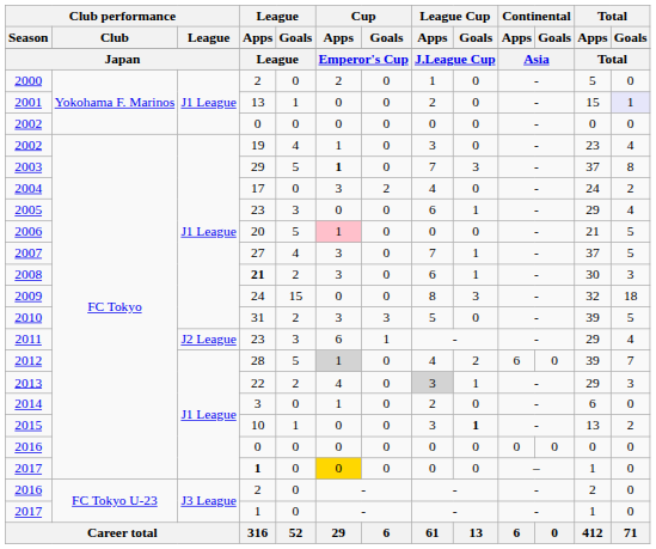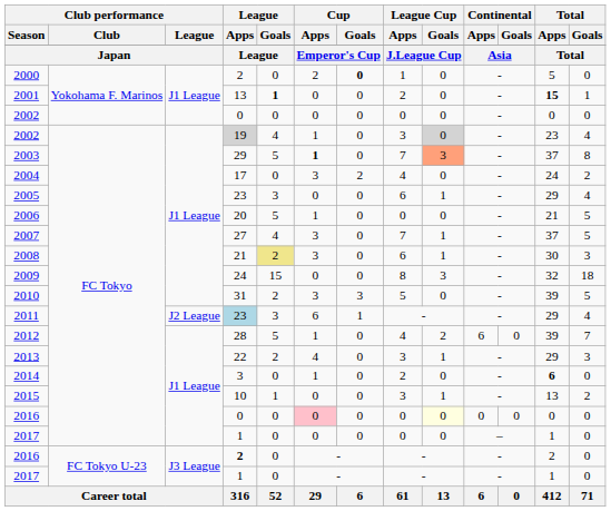 <table class="wikitable" style="text-align:center">
 <tr>
 <th colspan=3>Club performance</th>
 <th colspan=2>League</th>
 <th colspan=2>Cup</th>
 <th colspan=2>League Cup</th>
 <th colspan=2>Continental</th>
 <th colspan=2>Total</th>
 </tr>
 <tr>
 <th>Season</th>
 <th>Club</th>
 <th>League</th>
 <th>Apps</th>
 <th>Goals</th>
 <th>Apps</th>
 <th>Goals</th>
 <th>Apps</th>
 <th>Goals</th>
 <th>Apps</th>
 <th>Goals</th>
 <th>Apps</th>
 <th>Goals</th>
 </tr>
 <tr>
 </tr>
 <tr>
 <th colspan=3>Japan</th>
 <th colspan=2>League</th>
 <th colspan=2><a href='#'>Emperor's Cup</a></th>
 <th colspan=2><a href='#'>J.League Cup</a></th>
 <th colspan=2><a href='#'>Asia</a></th>
 <th colspan=2>Total</th>
 </tr>
 <tr>
 <td><a href='#'>2000</a></td>
 <td rowspan="3"><a href='#'>Yokohama F. Marinos</a></td>
 <td rowspan="3"><a href='#'>J1 League</a></td>
 <td>2</td>
 <td>0</td>
 <td>2</td>
-<td>0</td>
+<td><strong>0</strong></td>
 <td>1</td>
 <td>0</td>
 <td colspan="2">-</td>
 <td>5</td>
 <td>0</td>
 </tr>
 <tr>
 <td><a href='#'>2001</a></td>
 <td>13</td>
-<td>1</td>
+<td><strong>1</strong></td>
 <td>0</td>
 <td>0</td>
 <td>2</td>
 <td>0</td>
 <td colspan="2">-</td>
-<td>15</td>
-<td style="background: lavender;">1</td>
+<td><strong>15</strong></td>
+<td>1</td>
 </tr>
 <tr>
 <td><a href='#'>2002</a></td>
 <td>0</td>
 <td>0</td>
 <td>0</td>
 <td>0</td>
 <td>0</td>
 <td>0</td>
 <td colspan="2">-</td>
 <td>0</td>
 <td>0</td>
 </tr>
 <tr>
 <td><a href='#'>2002</a></td>
 <td rowspan="16"><a href='#'>FC Tokyo</a></td>
 <td rowspan="9"><a href='#'>J1 League</a></td>
-<td>19</td>
+<td style="background: lightgrey;">19</td>
 <td>4</td>
 <td>1</td>
 <td>0</td>
 <td>3</td>
-<td>0</td>
+<td style="background: lightgrey;">0</td>
 <td colspan="2">-</td>
 <td>23</td>
 <td>4</td>
 </tr>
 <tr>
 <td><a href='#'>2003</a></td>
 <td>29</td>
 <td>5</td>
 <td><strong>1</strong></td>
 <td>0</td>
 <td>7</td>
-<td>3</td>
+<td style="background: lightsalmon;">3</td>
 <td colspan="2">-</td>
 <td>37</td>
 <td>8</td>
 </tr>
 <tr>
 <td><a href='#'>2004</a></td>
 <td>17</td>
 <td>0</td>
 <td>3</td>
 <td>2</td>
 <td>4</td>
 <td>0</td>
 <td colspan="2">-</td>
 <td>24</td>
 <td>2</td>
 </tr>
 <tr>
 <td><a href='#'>2005</a></td>
 <td>23</td>
 <td>3</td>
 <td>0</td>
 <td>0</td>
 <td>6</td>
 <td>1</td>
 <td colspan="2">-</td>
 <td>29</td>
 <td>4</td>
 </tr>
 <tr>
 <td><a href='#'>2006</a></td>
 <td>20</td>
 <td>5</td>
-<td style="background: pink;">1</td>
+<td>1</td>
 <td>0</td>
 <td>0</td>
 <td>0</td>
 <td colspan="2">-</td>
 <td>21</td>
 <td>5</td>
 </tr>
 <tr>
 <td><a href='#'>2007</a></td>
 <td>27</td>
 <td>4</td>
 <td>3</td>
 <td>0</td>
 <td>7</td>
 <td>1</td>
 <td colspan="2">-</td>
 <td>37</td>
 <td>5</td>
 </tr>
 <tr>
 <td><a href='#'>2008</a></td>
-<td><strong>21</strong></td>
-<td>2</td>
+<td>21</td>
+<td style="background: khaki;">2</td>
 <td>3</td>
 <td>0</td>
 <td>6</td>
 <td>1</td>
 <td colspan="2">-</td>
 <td>30</td>
 <td>3</td>
 </tr>
 <tr>
 <td><a href='#'>2009</a></td>
 <td>24</td>
 <td>15</td>
 <td>0</td>
 <td>0</td>
 <td>8</td>
 <td>3</td>
 <td colspan="2">-</td>
 <td>32</td>
 <td>18</td>
 </tr>
 <tr>
 <td><a href='#'>2010</a></td>
 <td>31</td>
 <td>2</td>
 <td>3</td>
 <td>3</td>
 <td>5</td>
 <td>0</td>
 <td colspan="2">-</td>
 <td>39</td>
 <td>5</td>
 </tr>
 <tr>
 <td><a href='#'>2011</a></td>
 <td><a href='#'>J2 League</a></td>
-<td>23</td>
+<td style="background: lightblue;">23</td>
 <td>3</td>
 <td>6</td>
 <td>1</td>
 <td colspan="2">-</td>
 <td colspan="2">-</td>
 <td>29</td>
 <td>4</td>
 </tr>
 <tr>
 <td><a href='#'>2012</a></td>
 <td rowspan="6"><a href='#'>J1 League</a></td>
 <td>28</td>
 <td>5</td>
-<td style="background: lightgrey;">1</td>
+<td>1</td>
 <td>0</td>
 <td>4</td>
 <td>2</td>
 <td>6</td>
 <td>0</td>
 <td>39</td>
 <td>7</td>
 </tr>
 <tr>
 <td><a href='#'>2013</a></td>
 <td>22</td>
 <td>2</td>
 <td>4</td>
 <td>0</td>
-<td style="background: lightgrey;">3</td>
+<td>3</td>
 <td>1</td>
 <td colspan="2">-</td>
 <td>29</td>
 <td>3</td>
 </tr>
 <tr>
 <td><a href='#'>2014</a></td>
 <td>3</td>
 <td>0</td>
 <td>1</td>
 <td>0</td>
 <td>2</td>
 <td>0</td>
 <td colspan="2">-</td>
-<td>6</td>
+<td><strong>6</strong></td>
 <td>0</td>
 </tr>
 <tr>
 <td><a href='#'>2015</a></td>
 <td>10</td>
 <td>1</td>
 <td>0</td>
 <td>0</td>
 <td>3</td>
-<td><strong>1</strong></td>
+<td>1</td>
 <td colspan="2">-</td>
 <td>13</td>
 <td>2</td>
 </tr>
 <tr>
 <td><a href='#'>2016</a></td>
 <td>0</td>
 <td>0</td>
+<td style="background: pink;">0</td>
 <td>0</td>
 <td>0</td>
-<td>0</td>
-<td>0</td>
+<td style="background: lightyellow;">0</td>
 <td>0</td>
 <td>0</td>
 <td>0</td>
 <td>0</td>
 </tr>
 <tr>
 <td><a href='#'>2017</a></td>
-<td><strong>1</strong></td>
+<td>1</td>
 <td>0</td>
-<td style="background: gold;">0</td>
+<td>0</td>
 <td>0</td>
 <td>0</td>
 <td>0</td>
 <td colspan="2">–</td>
 <td>1</td>
 <td>0</td>
 </tr>
 <tr>
 <td><a href='#'>2016</a></td>
 <td rowspan="2"><a href='#'>FC Tokyo U-23</a></td>
 <td rowspan="2"><a href='#'>J3 League</a></td>
-<td>2</td>
+<td><strong>2</strong></td>
 <td>0</td>
 <td colspan="2">-</td>
 <td colspan="2">-</td>
 <td colspan="2">-</td>
 <td>2</td>
 <td>0</td>
 </tr>
 <tr>
 <td><a href='#'>2017</a></td>
 <td>1</td>
 <td>0</td>
 <td colspan="2">-</td>
 <td colspan="2">-</td>
 <td colspan="2">-</td>
 <td>1</td>
 <td>0</td>
 </tr>
 <tr>
 <th colspan=3>Career total</th>
 <th>316</th>
 <th>52</th>
 <th>29</th>
 <th>6</th>
 <th>61</th>
 <th>13</th>
 <th>6</th>
 <th>0</th>
 <th>412</th>
 <th>71</th>
 </tr>
 </table>
